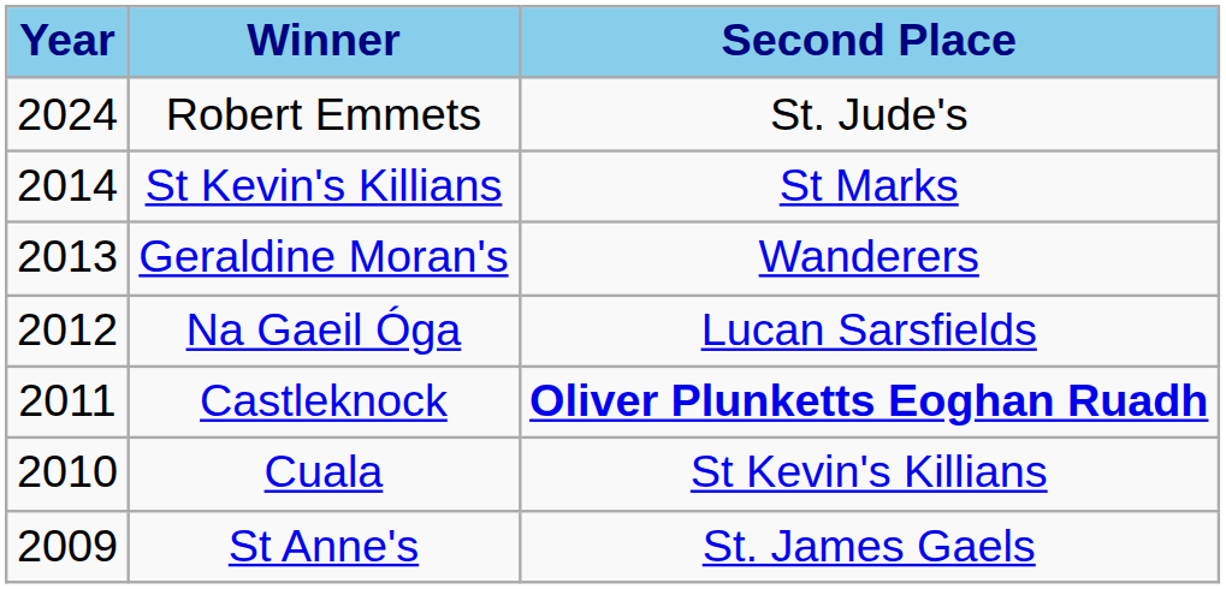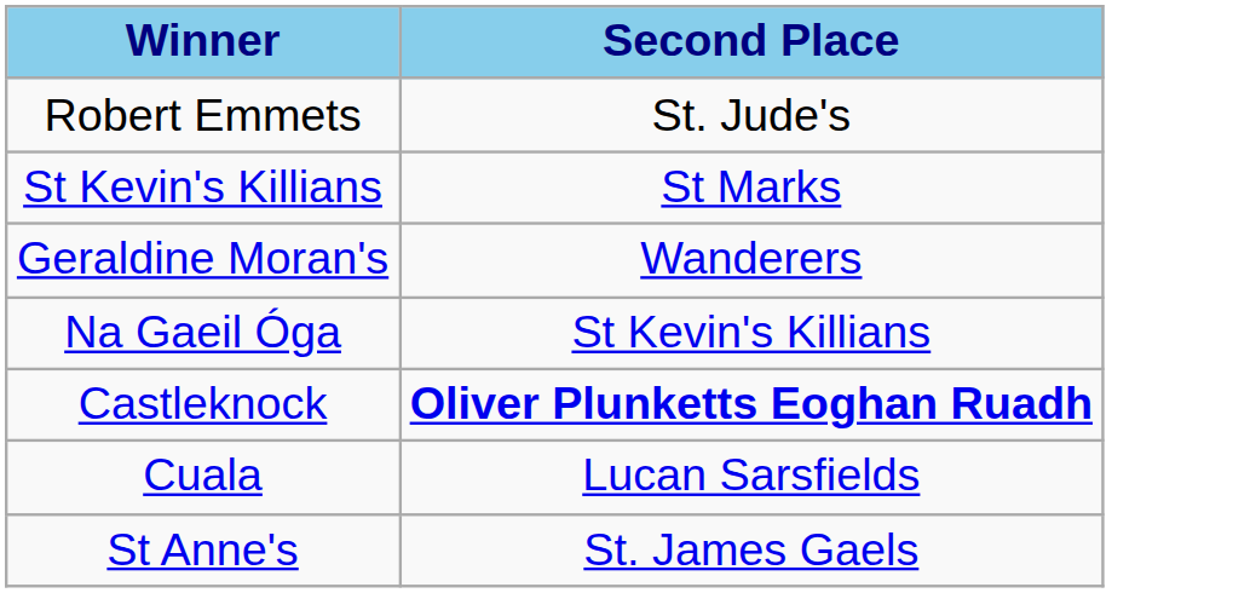 <table class="wikitable" style="text-align:center;">
 <tr>
-<th style="background:skyblue;color:navy;">Year</th>
 <th style="background:skyblue;color:navy;">Winner</th>
 <th style="background:skyblue;color:navy;">Second Place</th>
 </tr>
 <tr>
-<td>2024</td>
 <td>Robert Emmets</td>
 <td>St. Jude's</td>
 </tr>
 <tr>
-<td>2014</td>
 <td><a href='#'>St Kevin's Killians</a></td>
 <td><a href='#'>St Marks</a></td>
 </tr>
 <tr>
-<td>2013</td>
 <td><a href='#'>Geraldine Moran's</a></td>
 <td><a href='#'>Wanderers</a></td>
 </tr>
 <tr>
-<td>2012</td>
 <td><a href='#'>Na Gaeil Óga</a></td>
-<td><a href='#'>Lucan Sarsfields</a></td>
+<td><a href='#'>St Kevin's Killians</a></td>
 </tr>
 <tr>
-<td>2011</td>
 <td><a href='#'>Castleknock</a></td>
 <td><strong><a href='#'>Oliver Plunketts Eoghan Ruadh</a></strong></td>
 </tr>
 <tr>
-<td>2010</td>
 <td><a href='#'>Cuala</a></td>
-<td><a href='#'>St Kevin's Killians</a></td>
+<td><a href='#'>Lucan Sarsfields</a></td>
 </tr>
 <tr>
-<td>2009</td>
 <td><a href='#'>St Anne's</a></td>
 <td><a href='#'>St. James Gaels</a></td>
 </tr>
 </table>
